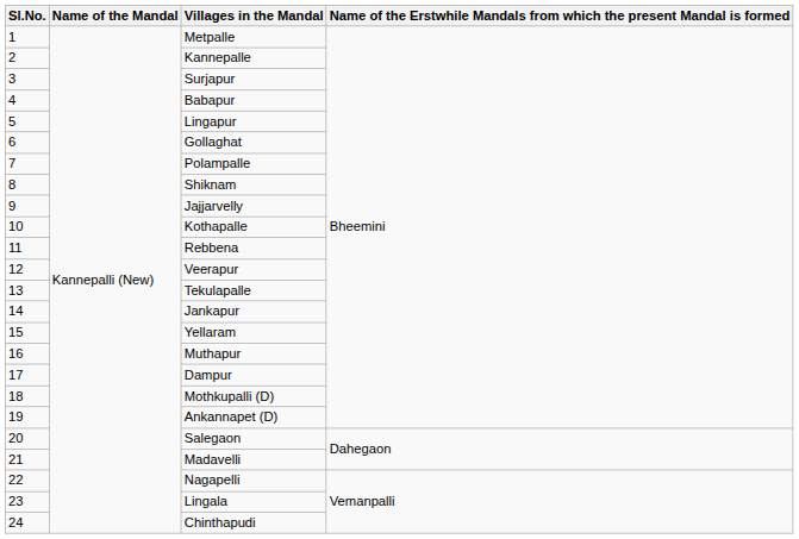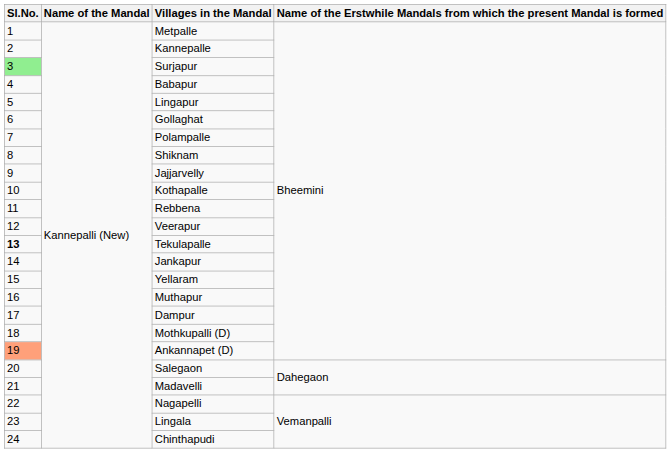 <table class="wikitable">
 <tr>
 <th>Sl.No.</th>
 <th>Name of the Mandal</th>
 <th>Villages in the Mandal</th>
 <th>Name of the Erstwhile Mandals from which the present Mandal is formed</th>
 </tr>
 <tr>
 <td>1</td>
 <td rowspan="24">Kannepalli (New)</td>
 <td>Metpalle</td>
 <td rowspan="19">Bheemini</td>
 </tr>
 <tr>
 <td>2</td>
 <td>Kannepalle</td>
 </tr>
 <tr>
-<td>3</td>
+<td style="background: lightgreen;">3</td>
 <td>Surjapur</td>
 </tr>
 <tr>
 <td>4</td>
 <td>Babapur</td>
 </tr>
 <tr>
 <td>5</td>
 <td>Lingapur</td>
 </tr>
 <tr>
 <td>6</td>
 <td>Gollaghat</td>
 </tr>
 <tr>
 <td>7</td>
 <td>Polampalle</td>
 </tr>
 <tr>
 <td>8</td>
 <td>Shiknam</td>
 </tr>
 <tr>
 <td>9</td>
 <td>Jajjarvelly</td>
 </tr>
 <tr>
 <td>10</td>
 <td>Kothapalle</td>
 </tr>
 <tr>
 <td>11</td>
 <td>Rebbena</td>
 </tr>
 <tr>
 <td>12</td>
 <td>Veerapur</td>
 </tr>
 <tr>
-<td>13</td>
+<td><strong>13</strong></td>
 <td>Tekulapalle</td>
 </tr>
 <tr>
 <td>14</td>
 <td>Jankapur</td>
 </tr>
 <tr>
 <td>15</td>
 <td>Yellaram</td>
 </tr>
 <tr>
 <td>16</td>
 <td>Muthapur</td>
 </tr>
 <tr>
 <td>17</td>
 <td>Dampur</td>
 </tr>
 <tr>
 <td>18</td>
 <td>Mothkupalli (D)</td>
 </tr>
 <tr>
-<td>19</td>
+<td style="background: lightsalmon;">19</td>
 <td>Ankannapet (D)</td>
 </tr>
 <tr>
 <td>20</td>
 <td>Salegaon</td>
 <td rowspan="2">Dahegaon</td>
 </tr>
 <tr>
 <td>21</td>
 <td>Madavelli</td>
 </tr>
 <tr>
 <td>22</td>
 <td>Nagapelli</td>
 <td rowspan="3">Vemanpalli</td>
 </tr>
 <tr>
 <td>23</td>
 <td>Lingala</td>
 </tr>
 <tr>
 <td>24</td>
 <td>Chinthapudi</td>
 </tr>
 </table>
